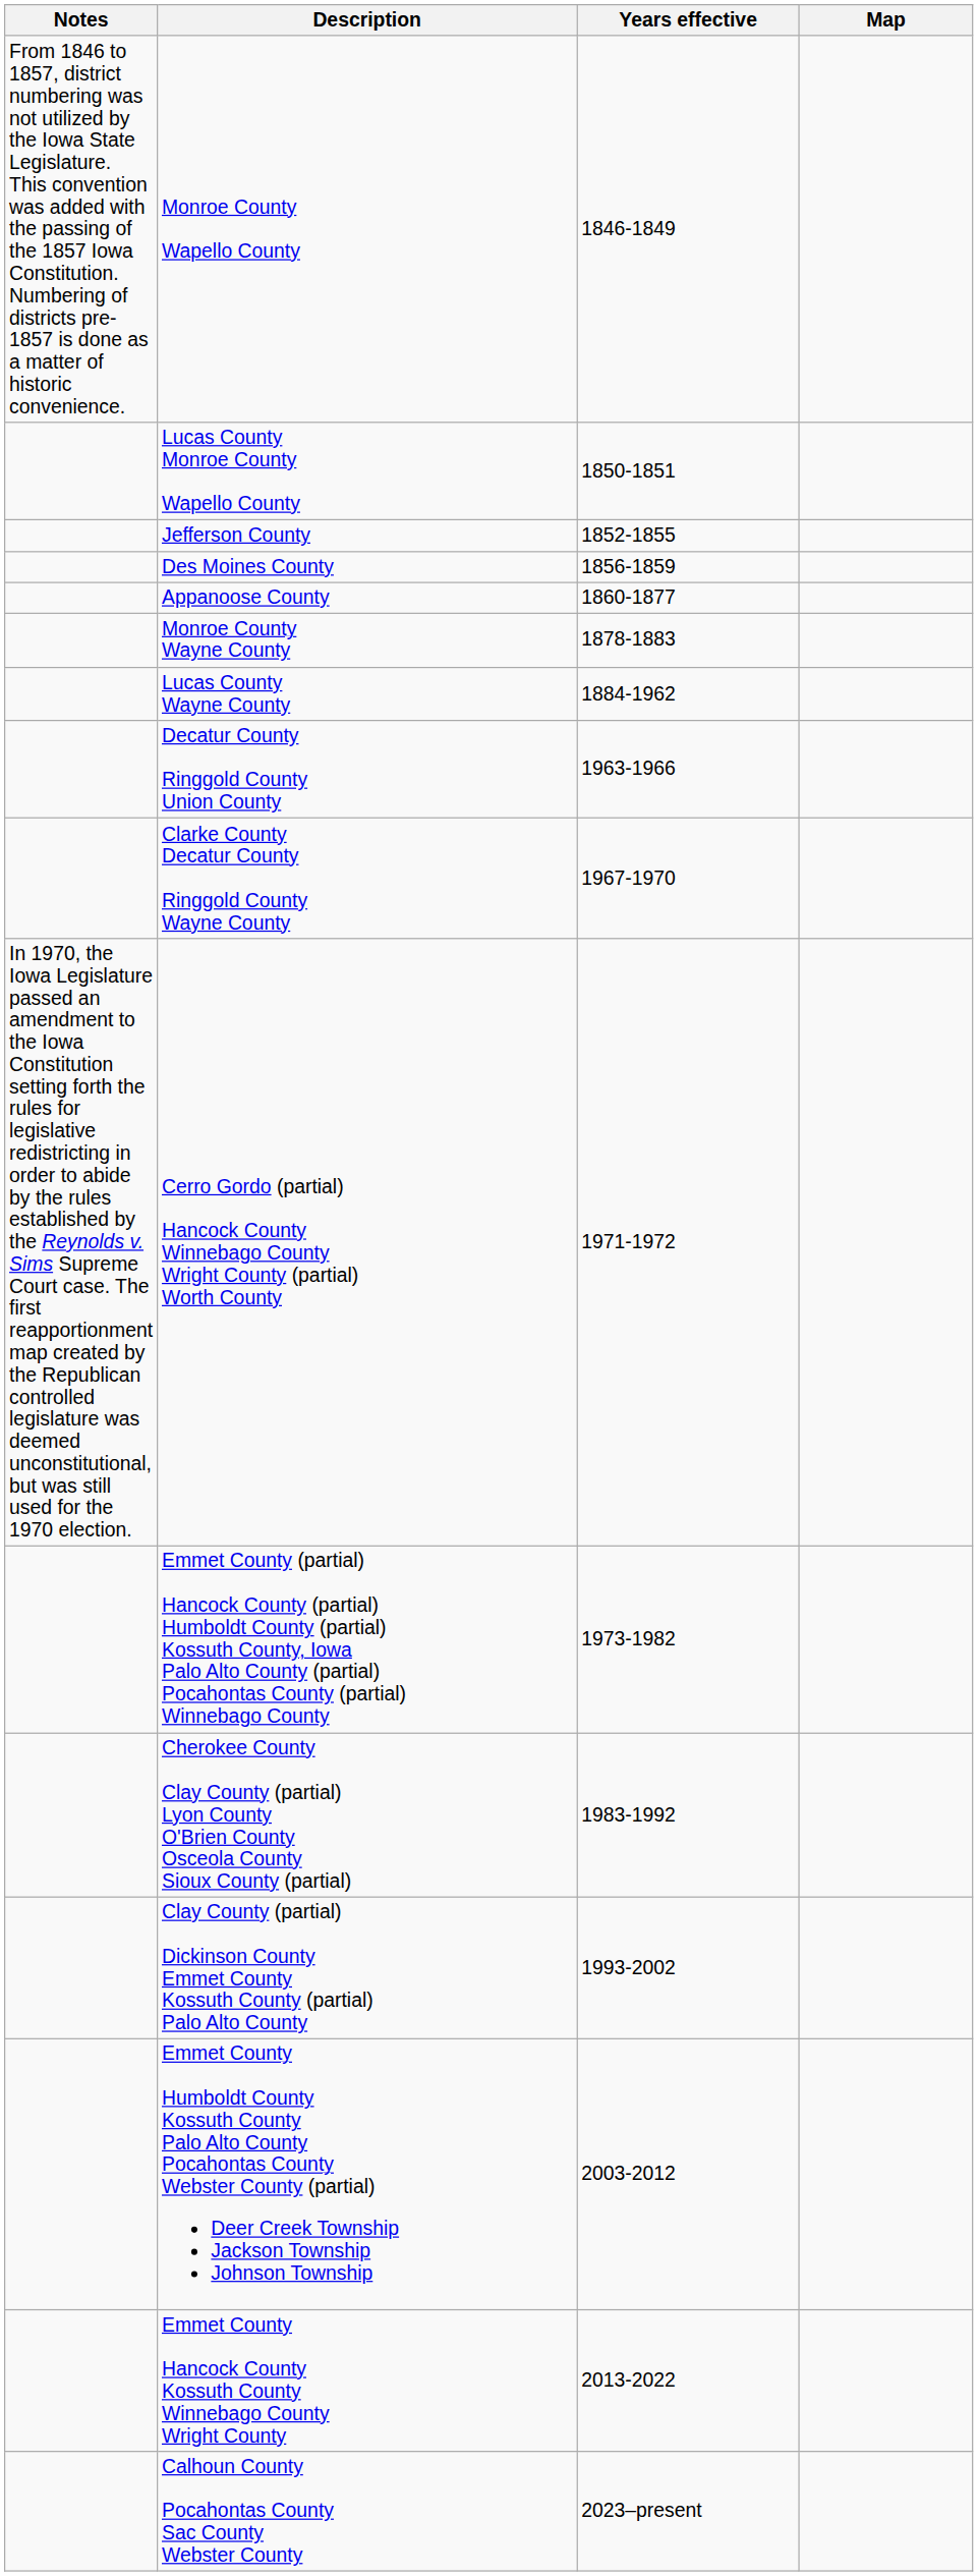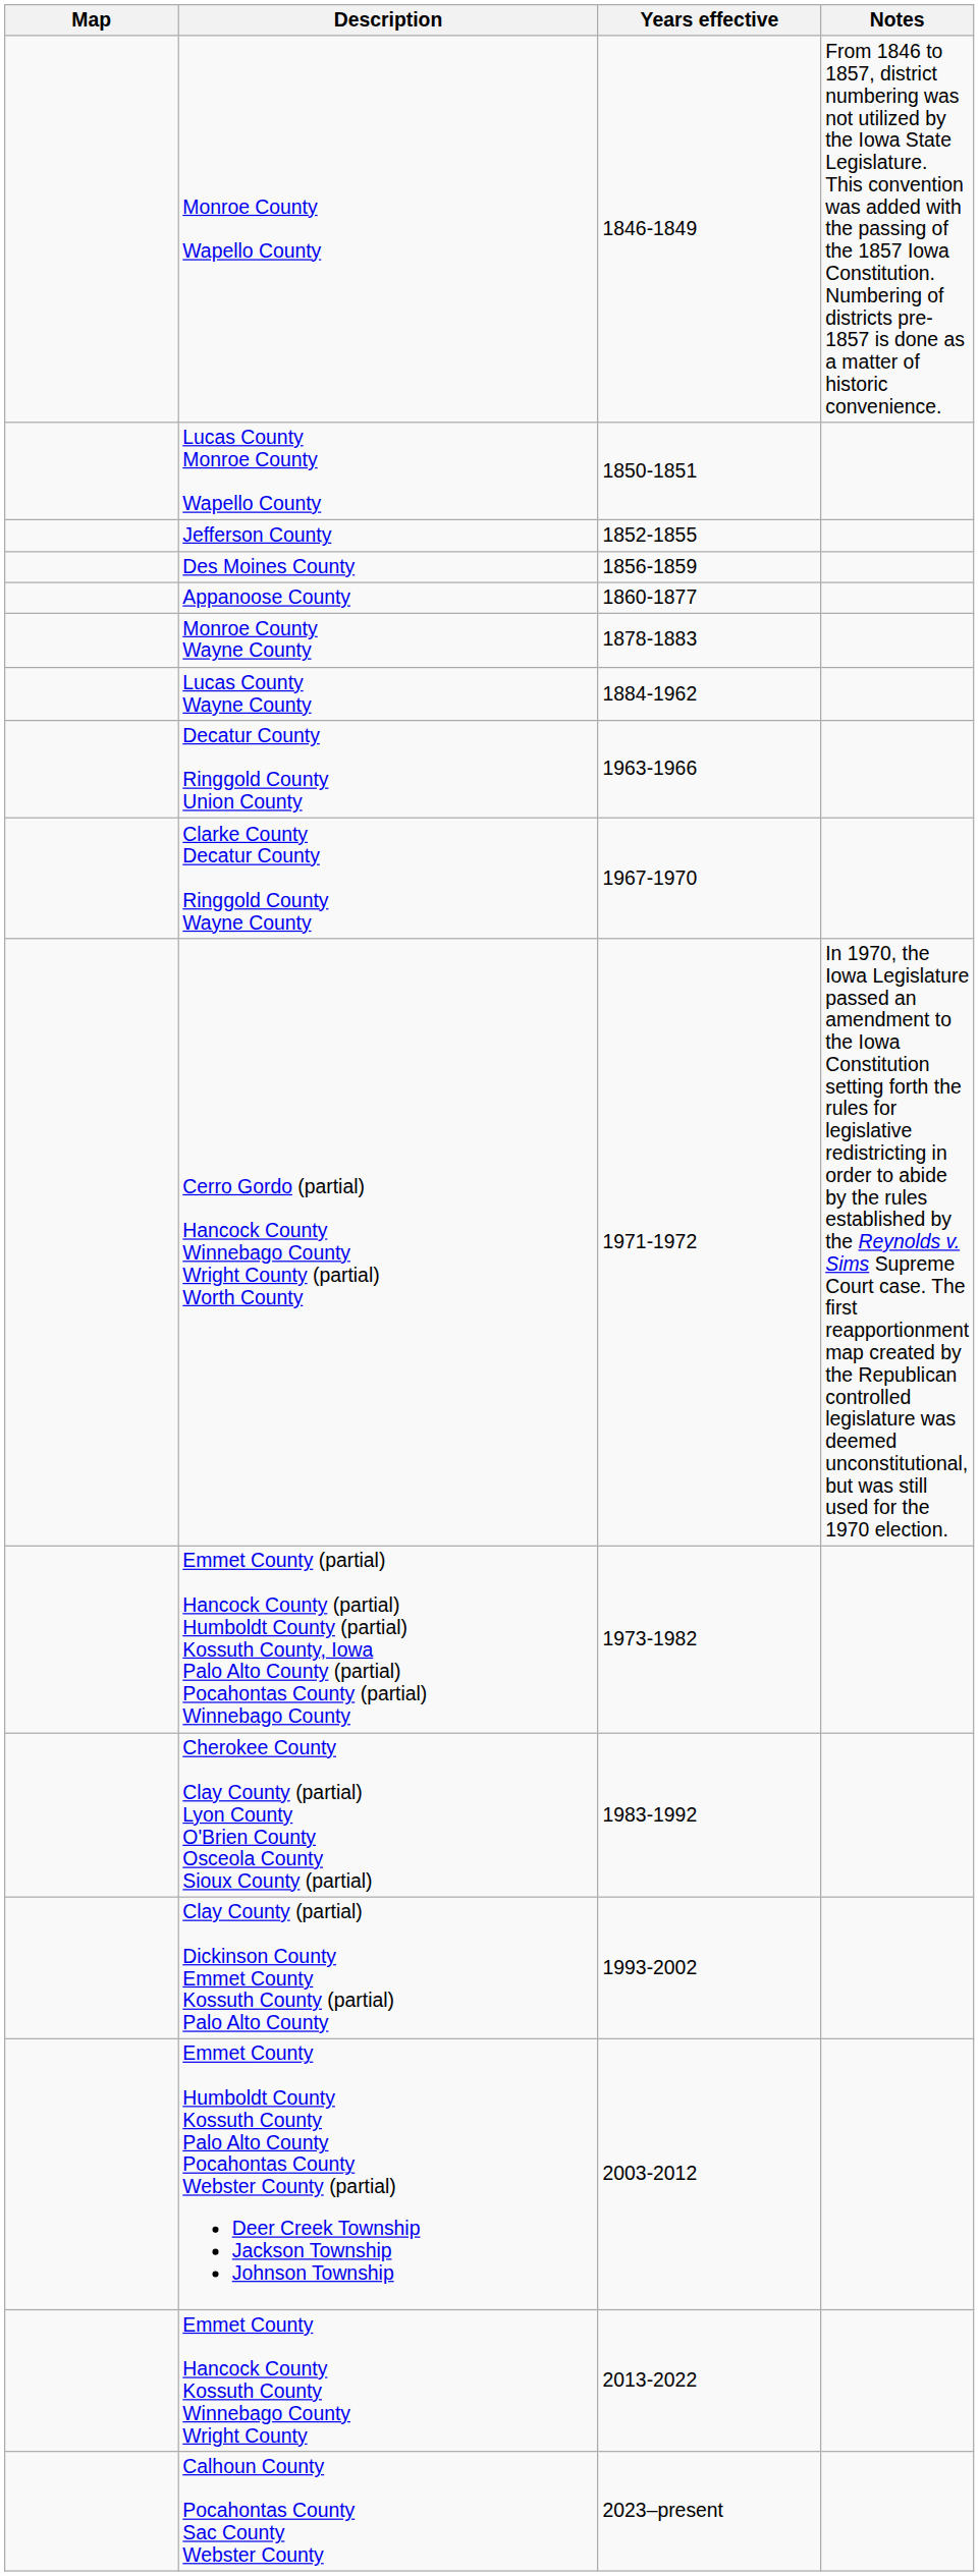 <table class="wikitable sortable">
 <tr>
-<th style="width:15pt;">Notes</th>
+<th style="width:100pt;">Map</th>
 <th style="width:250pt;">Description</th>
 <th style="width:130pt;">Years effective</th>
-<th style="width:100pt;">Map</th>
+<th style="width:15pt;">Notes</th>
 </tr>
 <tr>
-<td>From 1846 to 1857, district numbering was not utilized by the Iowa State Legislature. This convention was added with the passing of the 1857 Iowa Constitution. Numbering of districts pre-1857 is done as a matter of historic convenience.</td>
+<td></td>
 <td><a href='#'>Monroe County</a><br><br><a href='#'>Wapello County</a></td>
 <td>1846-1849</td>
-<td></td>
+<td>From 1846 to 1857, district numbering was not utilized by the Iowa State Legislature. This convention was added with the passing of the 1857 Iowa Constitution. Numbering of districts pre-1857 is done as a matter of historic convenience.</td>
 </tr>
 <tr>
 <td></td>
 <td><a href='#'>Lucas County</a><br><a href='#'>Monroe County</a><br><br><a href='#'>Wapello County</a></td>
 <td>1850-1851</td>
 <td></td>
 </tr>
 <tr>
 <td></td>
 <td><a href='#'>Jefferson County</a></td>
 <td>1852-1855</td>
 <td></td>
 </tr>
 <tr>
 <td></td>
 <td><a href='#'>Des Moines County</a></td>
 <td>1856-1859</td>
 <td></td>
 </tr>
 <tr>
 <td></td>
 <td><a href='#'>Appanoose County</a></td>
 <td>1860-1877</td>
 <td></td>
 </tr>
 <tr>
 <td></td>
 <td><a href='#'>Monroe County</a><br><a href='#'>Wayne County</a></td>
 <td>1878-1883</td>
 <td></td>
 </tr>
 <tr>
 <td></td>
 <td><a href='#'>Lucas County</a><br><a href='#'>Wayne County</a></td>
 <td>1884-1962</td>
 <td></td>
 </tr>
 <tr>
 <td></td>
 <td><a href='#'>Decatur County</a><br><br><a href='#'>Ringgold County</a><br> <a href='#'>Union County</a></td>
 <td>1963-1966</td>
 <td></td>
 </tr>
 <tr>
 <td></td>
 <td><a href='#'>Clarke County</a><br><a href='#'>Decatur County</a><br><br><a href='#'>Ringgold County</a><br><a href='#'>Wayne County</a></td>
 <td>1967-1970</td>
 <td></td>
 </tr>
 <tr>
-<td>In 1970, the Iowa Legislature passed an amendment to the Iowa Constitution setting forth the rules for legislative redistricting in order to abide by the rules established by the <em><a href='#'>Reynolds v. Sims</a></em> Supreme Court case. The first reapportionment map created by the Republican controlled legislature was deemed unconstitutional, but was still used for the 1970 election.</td>
+<td></td>
 <td><a href='#'>Cerro Gordo</a> (partial)<br><br><a href='#'>Hancock County</a><br> <a href='#'>Winnebago County</a><br> <a href='#'>Wright County</a> (partial)<br> <a href='#'>Worth County</a></td>
 <td>1971-1972</td>
-<td></td>
+<td>In 1970, the Iowa Legislature passed an amendment to the Iowa Constitution setting forth the rules for legislative redistricting in order to abide by the rules established by the <em><a href='#'>Reynolds v. Sims</a></em> Supreme Court case. The first reapportionment map created by the Republican controlled legislature was deemed unconstitutional, but was still used for the 1970 election.</td>
 </tr>
 <tr>
 <td></td>
 <td><a href='#'>Emmet County</a> (partial)<br><br><a href='#'>Hancock County</a> (partial)<br> <a href='#'>Humboldt County</a> (partial)<br> <a href='#'>Kossuth County, Iowa</a><br> <a href='#'>Palo Alto County</a> (partial)<br> <a href='#'>Pocahontas County</a> (partial)<br> <a href='#'>Winnebago County</a></td>
 <td>1973-1982</td>
 <td></td>
 </tr>
 <tr>
 <td></td>
 <td><a href='#'>Cherokee County</a><br><br><a href='#'>Clay County</a> (partial)<br> <a href='#'>Lyon County</a><br> <a href='#'>O'Brien County</a><br> <a href='#'>Osceola County</a><br> <a href='#'>Sioux County</a> (partial)</td>
 <td>1983-1992</td>
 <td></td>
 </tr>
 <tr>
 <td></td>
 <td><a href='#'>Clay County</a> (partial)<br><br><a href='#'>Dickinson County</a><br> <a href='#'>Emmet County</a><br> <a href='#'>Kossuth County</a> (partial)<br> <a href='#'>Palo Alto County</a></td>
 <td>1993-2002</td>
 <td></td>
 </tr>
 <tr>
 <td></td>
 <td><a href='#'>Emmet County</a><br><br><a href='#'>Humboldt County</a><br> <a href='#'>Kossuth County</a><br> <a href='#'>Palo Alto County</a><br> <a href='#'>Pocahontas County</a><br> <a href='#'>Webster County</a> (partial)<ul><li><a href='#'>Deer Creek Township</a></li><li><a href='#'>Jackson Township</a></li><li><a href='#'>Johnson Township</a></li></ul></td>
 <td>2003-2012</td>
 <td></td>
 </tr>
 <tr>
 <td></td>
 <td><a href='#'>Emmet County</a><br><br><a href='#'>Hancock County</a><br> <a href='#'>Kossuth County</a><br> <a href='#'>Winnebago County</a><br> <a href='#'>Wright County</a></td>
 <td>2013-2022</td>
 <td></td>
 </tr>
 <tr>
 <td></td>
 <td><a href='#'>Calhoun County</a><br><br><a href='#'>Pocahontas County</a><br> <a href='#'>Sac County</a><br> <a href='#'>Webster County</a></td>
 <td>2023–present</td>
 <td></td>
 </tr>
 </table>
